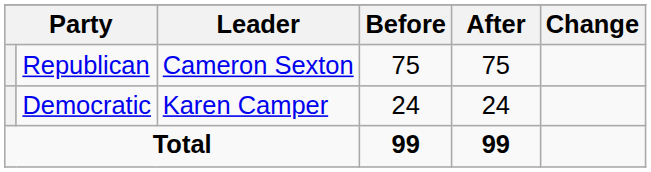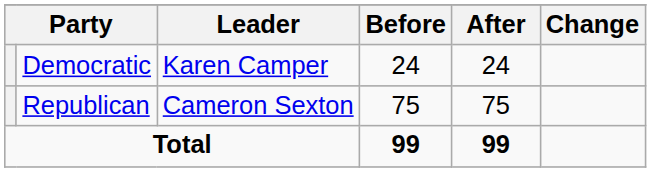 <table class="wikitable" style="text-align:center;">
 <tr>
 </tr>
 <tr>
 <th colspan="2">Party</th>
 <th>Leader</th>
 <th style="width:3em">Before</th>
 <th style="width:3em">After</th>
 <th style="width:3em">Change</th>
 </tr>
 <tr>
 <th style="background-color:"></th>
+<td style="text-align:left;"><a href='#'>Democratic</a></td>
+<td style="text-align:left;"><a href='#'>Karen Camper</a></td>
+<td>24</td>
+<td>24</td>
+<td></td>
+</tr>
+<tr>
+<th style="background-color:"></th>
 <td style="text-align:left;"><a href='#'>Republican</a></td>
 <td style="text-align:left;"><a href='#'>Cameron Sexton</a></td>
 <td>75</td>
 <td>75</td>
-<td></td>
-</tr>
-<tr>
-<th style="background-color:"></th>
-<td style="text-align:left;"><a href='#'>Democratic</a></td>
-<td style="text-align:left;"><a href='#'>Karen Camper</a></td>
-<td>24</td>
-<td>24</td>
 <td></td>
 </tr>
 <tr>
 <td colspan="3"><strong>Total</strong></td>
 <td><strong>99</strong></td>
 <td><strong>99</strong></td>
 <td></td>
 </tr>
 </table>
